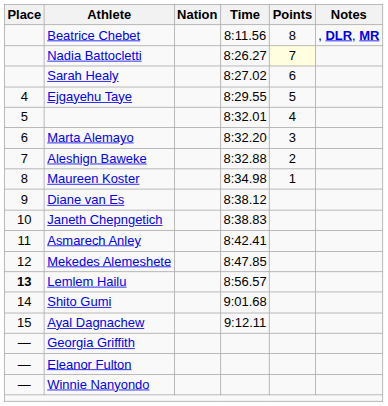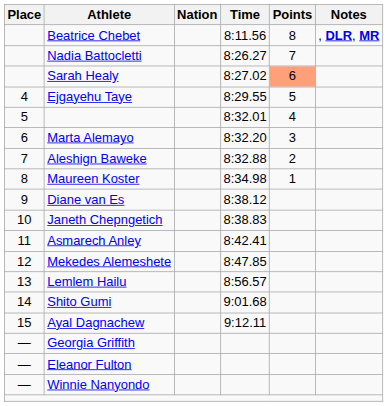 <table class="wikitable mw-datatable sortable" style="text-align:center;">
 <tr>
 <th scope="col">Place</th>
 <th scope="col">Athlete</th>
 <th scope="col">Nation</th>
 <th scope="col">Time</th>
 <th scope="col">Points</th>
 <th scope="col">Notes</th>
 </tr>
 <tr>
 <td></td>
 <td align="left"><a href='#'>Beatrice Chebet</a></td>
 <td align="left"></td>
 <td>8:11.56</td>
 <td>8</td>
 <td><strong></strong>, <strong><a href='#'>DLR</a></strong>, <strong><a href='#'>MR</a></strong></td>
 </tr>
 <tr>
 <td></td>
 <td align="left"><a href='#'>Nadia Battocletti</a></td>
 <td align="left"></td>
 <td>8:26.27</td>
-<td style="background: lightyellow;">7</td>
+<td>7</td>
 <td><strong></strong></td>
 </tr>
 <tr>
 <td></td>
 <td align="left"><a href='#'>Sarah Healy</a></td>
 <td align="left"></td>
 <td>8:27.02</td>
-<td>6</td>
+<td style="background: lightsalmon;">6</td>
 <td></td>
 </tr>
 <tr>
 <td>4</td>
 <td align="left"><a href='#'>Ejgayehu Taye</a></td>
 <td align="left"></td>
 <td>8:29.55</td>
 <td>5</td>
 <td></td>
 </tr>
 <tr>
 <td>5</td>
 <td align="left"></td>
 <td align="left"></td>
 <td>8:32.01</td>
 <td>4</td>
 <td></td>
 </tr>
 <tr>
 <td>6</td>
 <td align="left"><a href='#'>Marta Alemayo</a></td>
 <td align="left"></td>
 <td>8:32.20</td>
 <td>3</td>
 <td></td>
 </tr>
 <tr>
 <td>7</td>
 <td align="left"><a href='#'>Aleshign Baweke</a></td>
 <td align="left"></td>
 <td>8:32.88</td>
 <td>2</td>
 <td></td>
 </tr>
 <tr>
 <td>8</td>
 <td align="left"><a href='#'>Maureen Koster</a></td>
 <td align="left"></td>
 <td>8:34.98</td>
 <td>1</td>
 <td></td>
 </tr>
 <tr>
 <td>9</td>
 <td align="left"><a href='#'>Diane van Es</a></td>
 <td align="left"></td>
 <td>8:38.12</td>
 <td></td>
 <td></td>
 </tr>
 <tr>
 <td>10</td>
 <td align="left"><a href='#'>Janeth Chepngetich</a></td>
 <td align="left"></td>
 <td>8:38.83</td>
 <td></td>
 <td></td>
 </tr>
 <tr>
 <td>11</td>
 <td align="left"><a href='#'>Asmarech Anley</a></td>
 <td align="left"></td>
 <td>8:42.41</td>
 <td></td>
 <td></td>
 </tr>
 <tr>
 <td>12</td>
 <td align="left"><a href='#'>Mekedes Alemeshete</a></td>
 <td align="left"></td>
 <td>8:47.85</td>
 <td></td>
 <td></td>
 </tr>
 <tr>
-<td><strong>13</strong></td>
+<td>13</td>
 <td align="left"><a href='#'>Lemlem Hailu</a></td>
 <td align="left"></td>
 <td>8:56.57</td>
 <td></td>
 <td></td>
 </tr>
 <tr>
 <td>14</td>
 <td align="left"><a href='#'>Shito Gumi</a></td>
 <td align="left"></td>
 <td>9:01.68</td>
 <td></td>
 <td></td>
 </tr>
 <tr>
 <td>15</td>
 <td align="left"><a href='#'>Ayal Dagnachew</a></td>
 <td align="left"></td>
 <td>9:12.11</td>
 <td></td>
 <td></td>
 </tr>
 <tr>
 <td>—</td>
 <td align="left"><a href='#'>Georgia Griffith</a></td>
 <td align="left"></td>
 <td></td>
 <td></td>
 <td></td>
 </tr>
 <tr>
 <td>—</td>
 <td align="left"><a href='#'>Eleanor Fulton</a></td>
 <td align="left"></td>
 <td></td>
 <td></td>
 <td></td>
 </tr>
 <tr>
 <td>—</td>
 <td align="left"><a href='#'>Winnie Nanyondo</a></td>
 <td align="left"></td>
 <td></td>
 <td></td>
 <td></td>
 </tr>
 <tr class="sortbottom">
 <td colspan="6"></td>
 </tr>
 </table>
